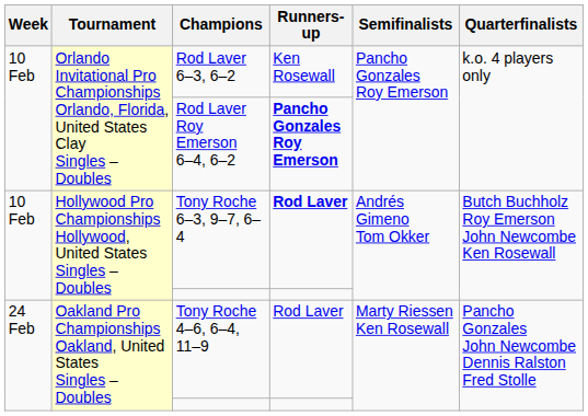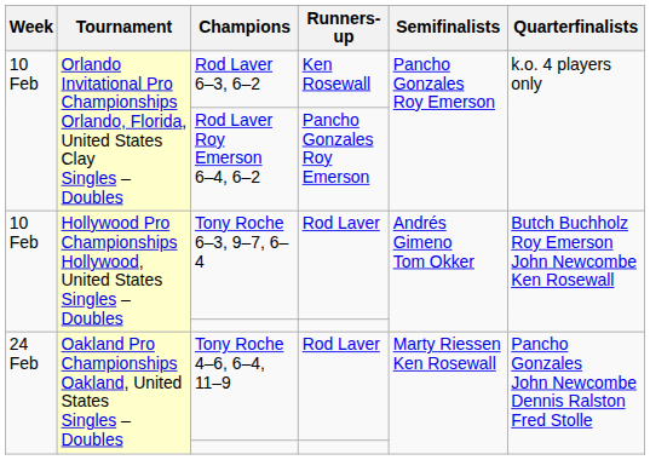 <table class=wikitable>
 <tr>
 <th style="width:48px;">Week</th>
 <th style="width:248px;">Tournament</th>
 <th style="width:200px;">Champions</th>
 <th style="width:200px;">Runners-up</th>
 <th style="width:190px;">Semifinalists</th>
 <th style="width:190px;">Quarterfinalists</th>
 </tr>
 <tr valign=top>
 <td rowspan=2>10 Feb</td>
 <td style="background:#ffc;" rowspan=2><a href='#'>Orlando Invitational Pro Championships</a><br> <a href='#'>Orlando, Florida</a>, United States<br>Clay<br><a href='#'>Singles</a> – <a href='#'>Doubles</a></td>
 <td> <a href='#'>Rod Laver</a><br>6–3, 6–2</td>
 <td> <a href='#'>Ken Rosewall</a></td>
 <td rowspan=2> <a href='#'>Pancho Gonzales</a><br> <a href='#'>Roy Emerson</a></td>
 <td rowspan=2>k.o. 4 players only</td>
 </tr>
 <tr valign=top>
 <td> <a href='#'>Rod Laver</a><br> <a href='#'>Roy Emerson</a><br>6–4, 6–2</td>
-<td><strong> <a href='#'>Pancho Gonzales</a><br> <a href='#'>Roy Emerson</a></strong></td>
+<td> <a href='#'>Pancho Gonzales</a><br> <a href='#'>Roy Emerson</a></td>
 </tr>
 <tr valign=top>
 <td rowspan=2>10 Feb</td>
 <td style="background:#ffc;" rowspan=2><a href='#'>Hollywood Pro Championships</a><br><a href='#'>Hollywood</a>, United States<br><a href='#'>Singles</a> – <a href='#'>Doubles</a></td>
 <td> <a href='#'>Tony Roche</a><br> 6–3, 9–7, 6–4</td>
-<td><strong> <a href='#'>Rod Laver</a></strong></td>
+<td> <a href='#'>Rod Laver</a></td>
 <td rowspan=2> <a href='#'>Andrés Gimeno</a> <br>  <a href='#'>Tom Okker</a></td>
 <td rowspan=2> <a href='#'>Butch Buchholz</a> <br>  <a href='#'>Roy Emerson</a> <br>  <a href='#'>John Newcombe</a> <br>  <a href='#'>Ken Rosewall</a></td>
 </tr>
 <tr valign=top>
 <td></td>
 <td></td>
 </tr>
 <tr valign=top>
 <td rowspan=2>24 Feb</td>
 <td style="background:#ffc;" rowspan=2><a href='#'>Oakland Pro Championships</a><br><a href='#'>Oakland</a>, United States<br><a href='#'>Singles</a> – <a href='#'>Doubles</a></td>
 <td> <a href='#'>Tony Roche</a> <br>4–6, 6–4, 11–9</td>
 <td> <a href='#'>Rod Laver</a></td>
 <td rowspan=2>  <a href='#'>Marty Riessen</a>  <br>  <a href='#'>Ken Rosewall</a></td>
 <td rowspan=2> <a href='#'>Pancho Gonzales</a> <br>  <a href='#'>John Newcombe</a> <br>  <a href='#'>Dennis Ralston</a>  <br>  <a href='#'>Fred Stolle</a></td>
 </tr>
 <tr valign=top>
 <td></td>
 <td></td>
 </tr>
 </table>
